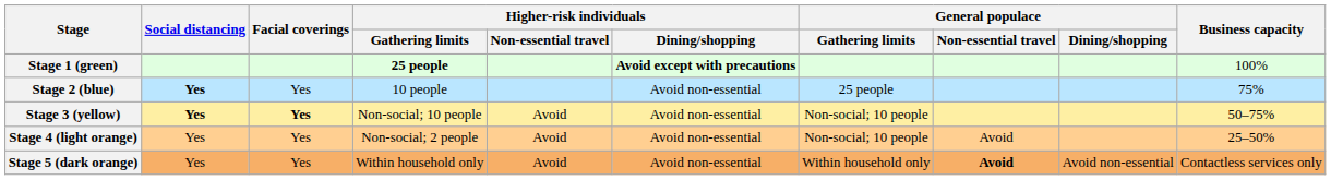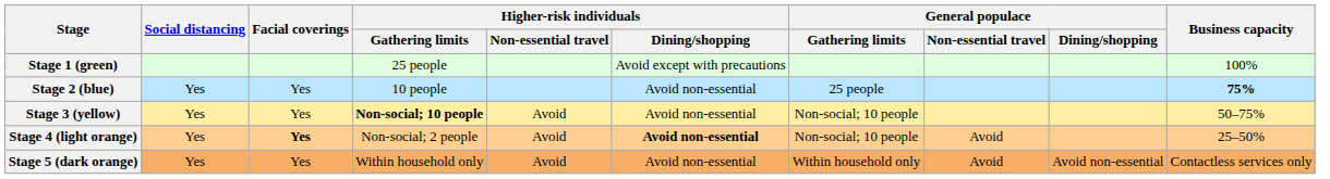 <table class="wikitable plainrowheaders" style="text-align:center;font-size: 9pt">
 <tr>
 <th scope="col" rowspan="2">Stage</th>
 <th scope="col" rowspan="2"><a href='#'>Social distancing</a></th>
 <th scope="col" rowspan="2">Facial coverings</th>
 <th scope="col" colspan="3">Higher-risk individuals </th>
 <th scope="col" colspan="3">General populace</th>
 <th scope="col" rowspan="2">Business capacity</th>
 </tr>
 <tr>
 <th scope="col">Gathering limits</th>
 <th scope="col">Non-essential travel</th>
 <th scope="col">Dining/shopping</th>
 <th scope="col">Gathering limits</th>
 <th scope="col">Non-essential travel</th>
 <th scope="col">Dining/shopping</th>
 </tr>
 <tr>
 <th scope="row">Stage 1 (green)</th>
 <td style="background: #E0FFE0"></td>
 <td style="background: #E0FFE0"></td>
-<td style="background: #E0FFE0"><strong>25 people</strong></td>
+<td style="background: #E0FFE0">25 people</td>
 <td style="background: #E0FFE0"></td>
-<td style="background: #E0FFE0"><strong>Avoid except with precautions</strong></td>
+<td style="background: #E0FFE0">Avoid except with precautions</td>
 <td style="background: #E0FFE0"></td>
 <td style="background: #E0FFE0"></td>
 <td style="background: #E0FFE0"></td>
 <td style="background: #E0FFE0">100%</td>
 </tr>
 <tr>
 <th scope="row">Stage 2 (blue)</th>
-<td style="background: #BAE6FF"><strong>Yes</strong></td>
+<td style="background: #BAE6FF">Yes</td>
 <td style="background: #BAE6FF">Yes</td>
 <td style="background: #BAE6FF">10 people</td>
 <td style="background: #BAE6FF"></td>
 <td style="background: #BAE6FF">Avoid non-essential</td>
 <td style="background: #BAE6FF">25 people</td>
 <td style="background: #BAE6FF"></td>
 <td style="background: #BAE6FF"></td>
-<td style="background: #BAE6FF">75%</td>
+<td style="background: #BAE6FF"><strong>75%</strong></td>
 </tr>
 <tr>
 <th scope="row">Stage 3 (yellow)</th>
-<td style="background: #FEEFA3"><strong>Yes</strong></td>
-<td style="background: #FEEFA3"><strong>Yes</strong></td>
-<td style="background: #FEEFA3">Non-social; 10 people</td>
+<td style="background: #FEEFA3">Yes</td>
+<td style="background: #FEEFA3">Yes</td>
+<td style="background: #FEEFA3"><strong>Non-social; 10 people</strong></td>
 <td style="background: #FEEFA3">Avoid</td>
 <td style="background: #FEEFA3">Avoid non-essential</td>
 <td style="background: #FEEFA3">Non-social; 10 people</td>
 <td style="background: #FEEFA3"></td>
 <td style="background: #FEEFA3"></td>
 <td style="background: #FEEFA3">50–75%</td>
 </tr>
 <tr>
 <th scope="row">Stage 4 (light orange)</th>
 <td style="background: #FFCF91">Yes</td>
-<td style="background: #FFCF91">Yes</td>
+<td style="background: #FFCF91"><strong>Yes</strong></td>
 <td style="background: #FFCF91">Non-social; 2 people</td>
 <td style="background: #FFCF91">Avoid</td>
-<td style="background: #FFCF91">Avoid non-essential</td>
+<td style="background: #FFCF91"><strong>Avoid non-essential</strong></td>
 <td style="background: #FFCF91">Non-social; 10 people</td>
 <td style="background: #FFCF91">Avoid</td>
 <td style="background: #FFCF91"></td>
 <td style="background: #FFCF91">25–50%</td>
 </tr>
 <tr>
 <th scope="row">Stage 5 (dark orange)</th>
 <td style="background: #F7AF67">Yes</td>
 <td style="background: #F7AF67">Yes</td>
 <td style="background: #F7AF67">Within household only</td>
 <td style="background: #F7AF67">Avoid</td>
 <td style="background: #F7AF67">Avoid non-essential</td>
 <td style="background: #F7AF67">Within household only</td>
-<td style="background: #F7AF67"><strong>Avoid</strong></td>
+<td style="background: #F7AF67">Avoid</td>
 <td style="background: #F7AF67">Avoid non-essential</td>
 <td style="background: #F7AF67">Contactless services only</td>
 </tr>
 </table>
